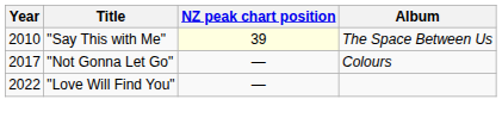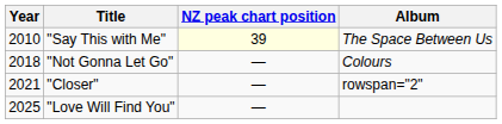 <table class="wikitable">
 <tr>
 <th>Year</th>
 <th>Title</th>
 <th><a href='#'>NZ peak chart position</a></th>
 <th>Album</th>
 </tr>
 <tr>
 <td>2010</td>
 <td>"Say This with Me"</td>
 <td align="center" style="background: lightyellow;">39</td>
 <td><em>The Space Between Us</em></td>
 </tr>
 <tr>
-<td>2017</td>
+<td>2018</td>
 <td>"Not Gonna Let Go"</td>
 <td align="center">—</td>
 <td><em>Colours</em></td>
 </tr>
 <tr>
-<td>2022</td>
+<td>2021</td>
+<td>"Closer"<br></td>
+<td align="center">—</td>
+<td>rowspan="2" </td>
+</tr>
+<tr>
+<td>2025</td>
 <td>"Love Will Find You"</td>
 <td align="center">—</td>
 </tr>
 </table>
